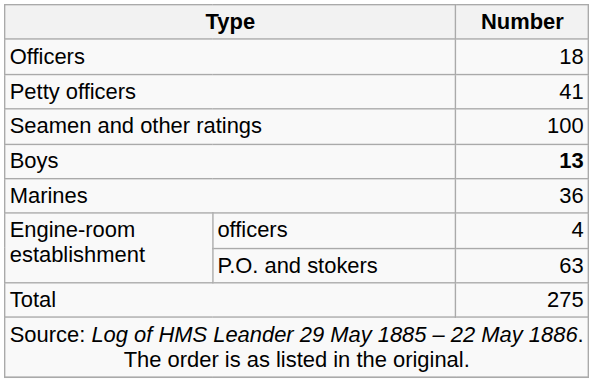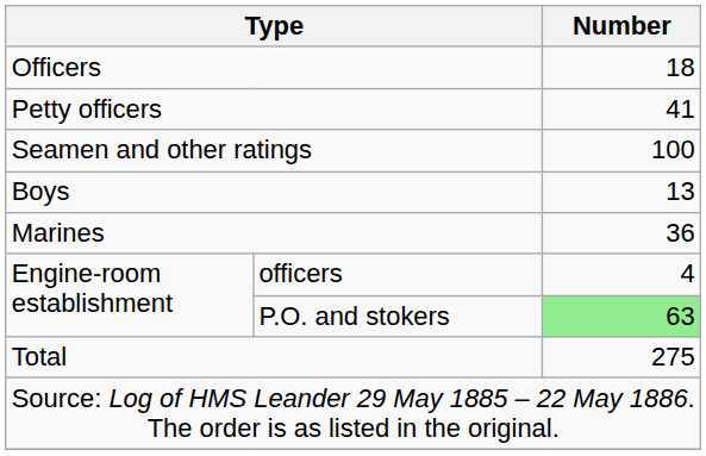 <table class="wikitable">
 <tr style="vertical-align:top;">
 <th colspan=2 style="text-align:center;">Type</th>
 <th style="text-align:center;">Number</th>
 </tr>
 <tr style="vertical-align:top;">
 <td colspan=2>Officers</td>
 <td style="text-align:right;">18</td>
 </tr>
 <tr style="vertical-align:top;">
 <td colspan=2>Petty officers</td>
 <td style="text-align:right;">41</td>
 </tr>
 <tr style="vertical-align:top;">
 <td colspan=2>Seamen and other ratings</td>
 <td style="text-align:right;">100</td>
 </tr>
 <tr style="vertical-align:top;">
 <td colspan=2>Boys</td>
-<td style="text-align:right;"><strong>13</strong></td>
+<td style="text-align:right;">13</td>
 </tr>
 <tr>
 <td colspan=2>Marines</td>
 <td style="text-align:right;">36</td>
 </tr>
 <tr style="vertical-align:top;">
 <td rowspan=2>Engine-room <br>establishment</td>
 <td>officers</td>
 <td style="text-align:right;">4</td>
 </tr>
 <tr style="vertical-align:top;">
 <td>P.O. and stokers</td>
-<td style="text-align:right;">63</td>
+<td style="background: lightgreen; text-align:right;">63</td>
 </tr>
 <tr style="vertical-align:top;">
 <td colspan=2>Total</td>
 <td style="text-align:right;">275</td>
 </tr>
 <tr style="vertical-align:top;">
 <td colspan=3 style="text-align:center;">Source: <em>Log of HMS Leander 29 May 1885 – 22 May 1886</em>.<br> The order is as listed in the original.</td>
 </tr>
 <tr>
 </tr>
 </table>
